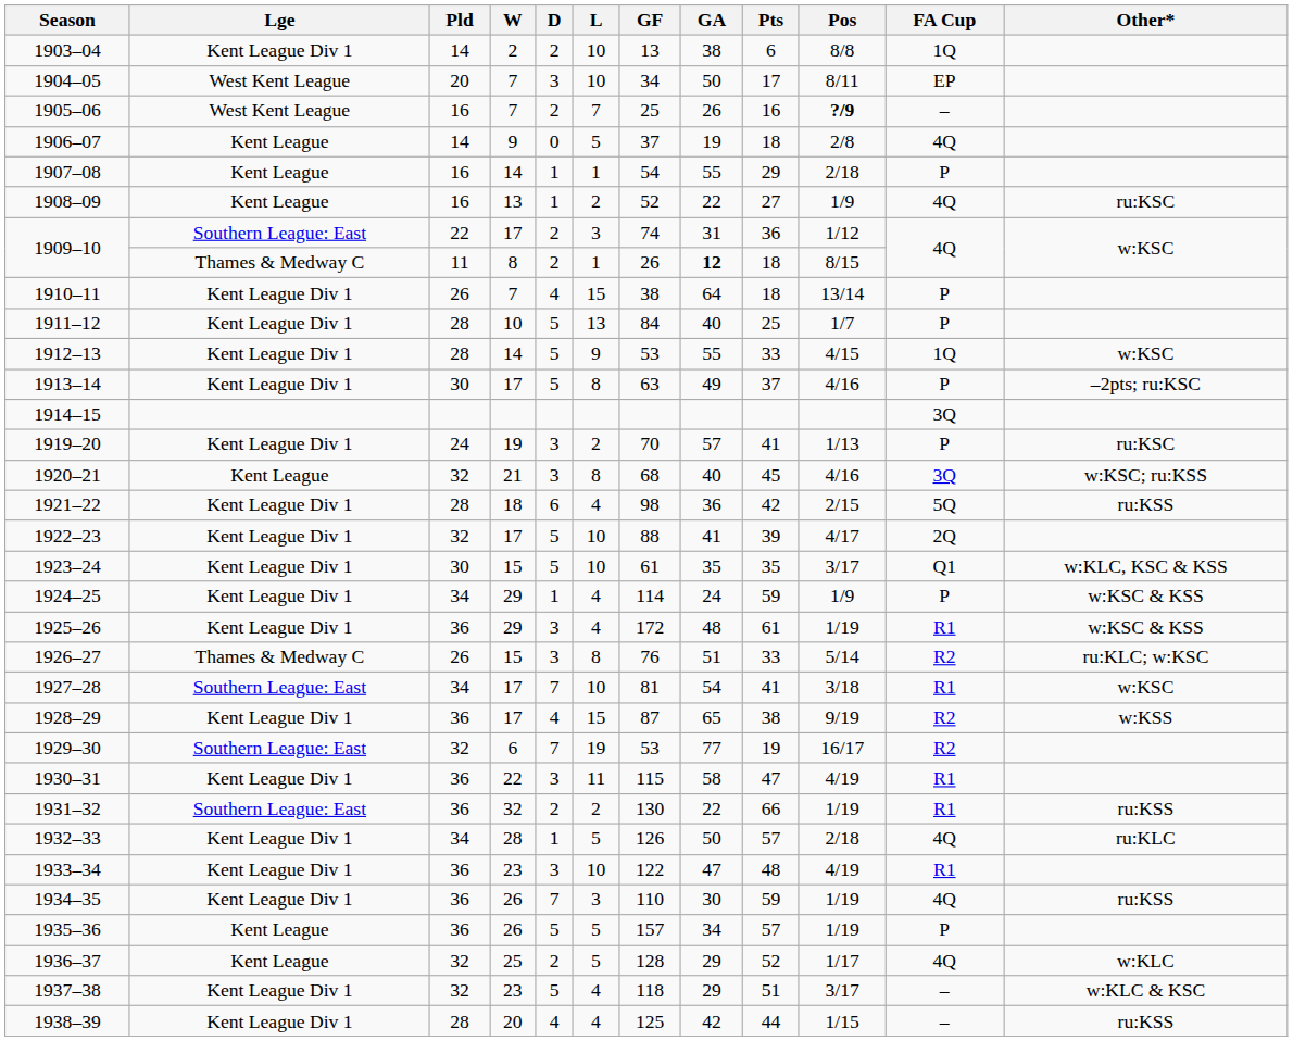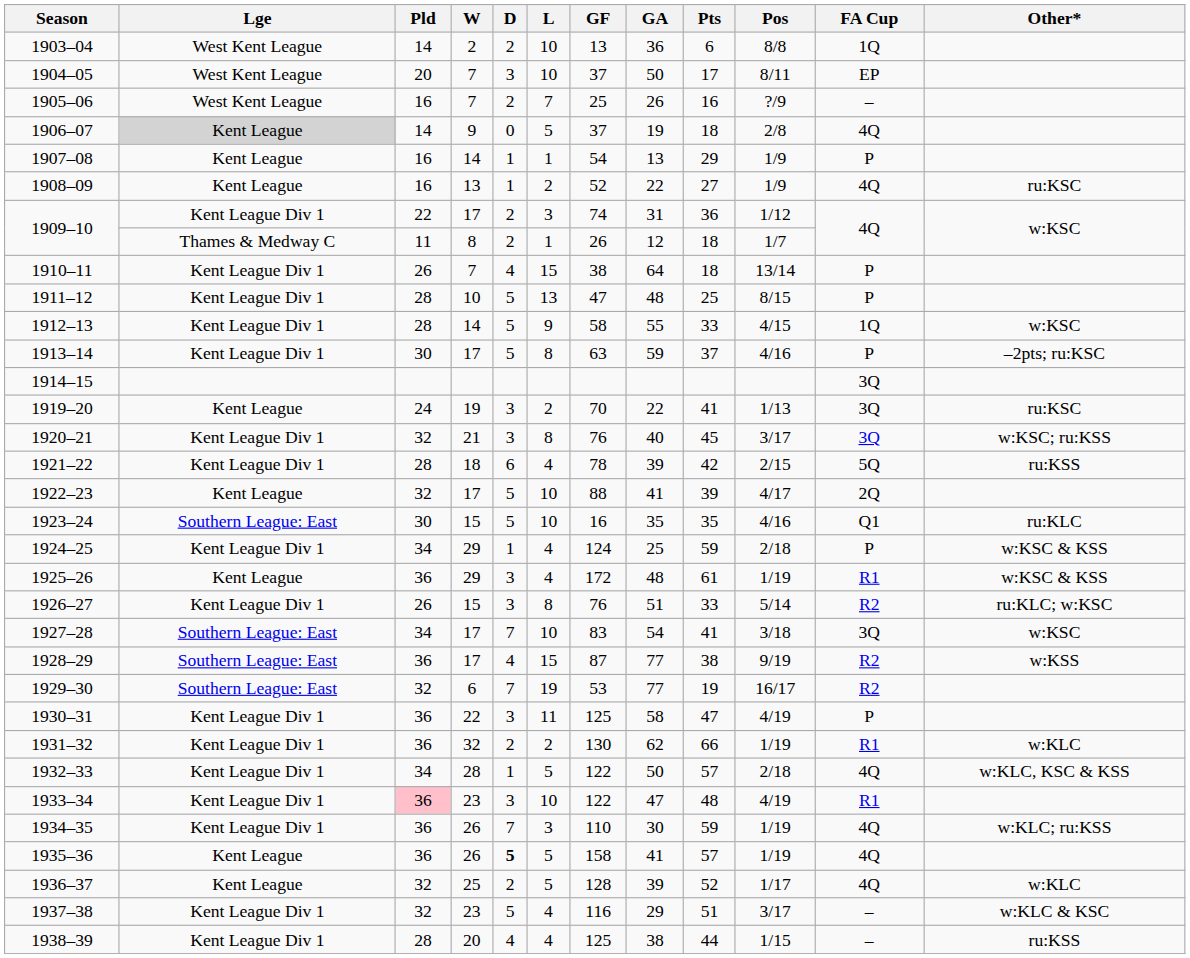 <table class="wikitable" style="width:85%; align:center; text-align:center">
 <tr>
 <th>Season</th>
 <th>Lge</th>
 <th>Pld</th>
 <th>W</th>
 <th>D</th>
 <th>L</th>
 <th>GF</th>
 <th>GA</th>
 <th>Pts</th>
 <th>Pos</th>
 <th>FA Cup</th>
 <th>Other*</th>
 </tr>
 <tr>
 <td>1903–04</td>
-<td>Kent League Div 1</td>
+<td>West Kent League</td>
 <td>14</td>
 <td>2</td>
 <td>2</td>
 <td>10</td>
 <td>13</td>
-<td>38</td>
+<td>36</td>
 <td>6</td>
 <td>8/8</td>
 <td>1Q</td>
 <td></td>
 </tr>
 <tr>
 <td>1904–05</td>
 <td>West Kent League</td>
 <td>20</td>
 <td>7</td>
 <td>3</td>
 <td>10</td>
-<td>34</td>
+<td>37</td>
 <td>50</td>
 <td>17</td>
 <td>8/11</td>
 <td>EP</td>
 <td></td>
 </tr>
 <tr>
 <td>1905–06</td>
 <td>West Kent League</td>
 <td>16</td>
 <td>7</td>
 <td>2</td>
 <td>7</td>
 <td>25</td>
 <td>26</td>
 <td>16</td>
-<td><strong>?/9</strong></td>
+<td>?/9</td>
 <td>–</td>
 <td></td>
 </tr>
 <tr>
 <td>1906–07</td>
-<td>Kent League</td>
+<td style="background: lightgrey;">Kent League</td>
 <td>14</td>
 <td>9</td>
 <td>0</td>
 <td>5</td>
 <td>37</td>
 <td>19</td>
 <td>18</td>
 <td>2/8</td>
 <td>4Q</td>
 <td></td>
 </tr>
 <tr>
 <td>1907–08</td>
 <td>Kent League</td>
 <td>16</td>
 <td>14</td>
 <td>1</td>
 <td>1</td>
 <td>54</td>
-<td>55</td>
+<td>13</td>
 <td>29</td>
-<td>2/18</td>
+<td>1/9</td>
 <td>P</td>
 <td></td>
 </tr>
 <tr>
 <td>1908–09</td>
 <td>Kent League</td>
 <td>16</td>
 <td>13</td>
 <td>1</td>
 <td>2</td>
 <td>52</td>
 <td>22</td>
 <td>27</td>
 <td>1/9</td>
 <td>4Q</td>
 <td>ru:KSC</td>
 </tr>
 <tr>
 <td Rowspan="2">1909–10</td>
-<td><a href='#'>Southern League: East</a></td>
+<td>Kent League Div 1</td>
 <td>22</td>
 <td>17</td>
 <td>2</td>
 <td>3</td>
 <td>74</td>
 <td>31</td>
 <td>36</td>
 <td>1/12</td>
 <td Rowspan="2">4Q</td>
 <td Rowspan="2">w:KSC</td>
 </tr>
 <tr>
 <td>Thames & Medway C</td>
 <td>11</td>
 <td>8</td>
 <td>2</td>
 <td>1</td>
 <td>26</td>
-<td><strong>12</strong></td>
+<td>12</td>
 <td>18</td>
-<td>8/15</td>
+<td>1/7</td>
 </tr>
 <tr>
 <td>1910–11</td>
 <td>Kent League Div 1</td>
 <td>26</td>
 <td>7</td>
 <td>4</td>
 <td>15</td>
 <td>38</td>
 <td>64</td>
 <td>18</td>
 <td>13/14</td>
 <td>P</td>
 <td></td>
 </tr>
 <tr>
 <td>1911–12</td>
 <td>Kent League Div 1</td>
 <td>28</td>
 <td>10</td>
 <td>5</td>
 <td>13</td>
-<td>84</td>
-<td>40</td>
+<td>47</td>
+<td>48</td>
 <td>25</td>
-<td>1/7</td>
+<td>8/15</td>
 <td>P</td>
 <td></td>
 </tr>
 <tr>
 <td>1912–13</td>
 <td>Kent League Div 1</td>
 <td>28</td>
 <td>14</td>
 <td>5</td>
 <td>9</td>
-<td>53</td>
+<td>58</td>
 <td>55</td>
 <td>33</td>
 <td>4/15</td>
 <td>1Q</td>
 <td>w:KSC</td>
 </tr>
 <tr>
 <td>1913–14</td>
 <td>Kent League Div 1</td>
 <td>30</td>
 <td>17</td>
 <td>5</td>
 <td>8</td>
 <td>63</td>
-<td>49</td>
+<td>59</td>
 <td>37</td>
 <td>4/16</td>
 <td>P</td>
 <td colspan="2">–2pts; ru:KSC</td>
 </tr>
 <tr>
 <td>1914–15</td>
 <td></td>
 <td></td>
 <td></td>
 <td></td>
 <td></td>
 <td></td>
 <td></td>
 <td></td>
 <td></td>
 <td>3Q</td>
 <td></td>
 </tr>
 <tr>
 <td>1919–20</td>
-<td>Kent League Div 1</td>
+<td>Kent League</td>
 <td>24</td>
 <td>19</td>
 <td>3</td>
 <td>2</td>
 <td>70</td>
-<td>57</td>
+<td>22</td>
 <td>41</td>
 <td>1/13</td>
-<td>P</td>
+<td>3Q</td>
 <td>ru:KSC</td>
 </tr>
 <tr>
 <td>1920–21</td>
-<td>Kent League</td>
+<td>Kent League Div 1</td>
 <td>32</td>
 <td>21</td>
 <td>3</td>
 <td>8</td>
-<td>68</td>
+<td>76</td>
 <td>40</td>
 <td>45</td>
-<td>4/16</td>
+<td>3/17</td>
 <td><a href='#'>3Q</a></td>
 <td>w:KSC; ru:KSS</td>
 </tr>
 <tr>
 <td>1921–22</td>
 <td>Kent League Div 1</td>
 <td>28</td>
 <td>18</td>
 <td>6</td>
 <td>4</td>
-<td>98</td>
-<td>36</td>
+<td>78</td>
+<td>39</td>
 <td>42</td>
 <td>2/15</td>
 <td>5Q</td>
 <td>ru:KSS</td>
 </tr>
 <tr>
 <td>1922–23</td>
-<td>Kent League Div 1</td>
+<td>Kent League</td>
 <td>32</td>
 <td>17</td>
 <td>5</td>
 <td>10</td>
 <td>88</td>
 <td>41</td>
 <td>39</td>
 <td>4/17</td>
 <td>2Q</td>
 <td></td>
 </tr>
 <tr>
 <td>1923–24</td>
-<td>Kent League Div 1</td>
+<td><a href='#'>Southern League: East</a></td>
 <td>30</td>
 <td>15</td>
 <td>5</td>
 <td>10</td>
-<td>61</td>
+<td>16</td>
 <td>35</td>
 <td>35</td>
-<td>3/17</td>
+<td>4/16</td>
 <td>Q1</td>
-<td>w:KLC, KSC & KSS</td>
+<td>ru:KLC</td>
 </tr>
 <tr>
 <td>1924–25</td>
 <td>Kent League Div 1</td>
 <td>34</td>
 <td>29</td>
 <td>1</td>
 <td>4</td>
-<td>114</td>
-<td>24</td>
+<td>124</td>
+<td>25</td>
 <td>59</td>
-<td>1/9</td>
+<td>2/18</td>
 <td>P</td>
 <td>w:KSC & KSS</td>
 </tr>
 <tr>
 <td>1925–26</td>
-<td>Kent League Div 1</td>
+<td>Kent League</td>
 <td>36</td>
 <td>29</td>
 <td>3</td>
 <td>4</td>
 <td>172</td>
 <td>48</td>
 <td>61</td>
 <td>1/19</td>
 <td><a href='#'>R1</a></td>
 <td>w:KSC & KSS</td>
 </tr>
 <tr>
 <td>1926–27</td>
-<td>Thames & Medway C</td>
+<td>Kent League Div 1</td>
 <td>26</td>
 <td>15</td>
 <td>3</td>
 <td>8</td>
 <td>76</td>
 <td>51</td>
 <td>33</td>
 <td>5/14</td>
 <td><a href='#'>R2</a></td>
 <td>ru:KLC; w:KSC</td>
 </tr>
 <tr>
 <td>1927–28</td>
 <td><a href='#'>Southern League: East</a></td>
 <td>34</td>
 <td>17</td>
 <td>7</td>
 <td>10</td>
-<td>81</td>
+<td>83</td>
 <td>54</td>
 <td>41</td>
 <td>3/18</td>
-<td><a href='#'>R1</a></td>
+<td>3Q</td>
 <td>w:KSC</td>
 </tr>
 <tr>
 <td>1928–29</td>
-<td>Kent League Div 1</td>
+<td><a href='#'>Southern League: East</a></td>
 <td>36</td>
 <td>17</td>
 <td>4</td>
 <td>15</td>
 <td>87</td>
-<td>65</td>
+<td>77</td>
 <td>38</td>
 <td>9/19</td>
 <td><a href='#'>R2</a></td>
 <td>w:KSS</td>
 </tr>
 <tr>
 <td>1929–30</td>
 <td><a href='#'>Southern League: East</a></td>
 <td>32</td>
 <td>6</td>
 <td>7</td>
 <td>19</td>
 <td>53</td>
 <td>77</td>
 <td>19</td>
 <td>16/17</td>
 <td><a href='#'>R2</a></td>
 <td></td>
 </tr>
 <tr>
 <td>1930–31</td>
 <td>Kent League Div 1</td>
 <td>36</td>
 <td>22</td>
 <td>3</td>
 <td>11</td>
-<td>115</td>
+<td>125</td>
 <td>58</td>
 <td>47</td>
 <td>4/19</td>
-<td><a href='#'>R1</a></td>
+<td>P</td>
 <td></td>
 </tr>
 <tr>
 <td>1931–32</td>
-<td><a href='#'>Southern League: East</a></td>
+<td>Kent League Div 1</td>
 <td>36</td>
 <td>32</td>
 <td>2</td>
 <td>2</td>
 <td>130</td>
-<td>22</td>
+<td>62</td>
 <td>66</td>
 <td>1/19</td>
 <td><a href='#'>R1</a></td>
-<td>ru:KSS</td>
+<td>w:KLC</td>
 </tr>
 <tr>
 <td>1932–33</td>
 <td>Kent League Div 1</td>
 <td>34</td>
 <td>28</td>
 <td>1</td>
 <td>5</td>
-<td>126</td>
+<td>122</td>
 <td>50</td>
 <td>57</td>
 <td>2/18</td>
 <td>4Q</td>
-<td>ru:KLC</td>
+<td>w:KLC, KSC & KSS</td>
 </tr>
 <tr>
 <td>1933–34</td>
 <td>Kent League Div 1</td>
-<td>36</td>
+<td style="background: pink;">36</td>
 <td>23</td>
 <td>3</td>
 <td>10</td>
 <td>122</td>
 <td>47</td>
 <td>48</td>
 <td>4/19</td>
 <td><a href='#'>R1</a></td>
 <td></td>
 </tr>
 <tr>
 <td>1934–35</td>
 <td>Kent League Div 1</td>
 <td>36</td>
 <td>26</td>
 <td>7</td>
 <td>3</td>
 <td>110</td>
 <td>30</td>
 <td>59</td>
 <td>1/19</td>
 <td>4Q</td>
-<td>ru:KSS</td>
+<td>w:KLC; ru:KSS</td>
 </tr>
 <tr>
 <td>1935–36</td>
 <td>Kent League</td>
 <td>36</td>
 <td>26</td>
+<td><strong>5</strong></td>
 <td>5</td>
-<td>5</td>
-<td>157</td>
-<td>34</td>
+<td>158</td>
+<td>41</td>
 <td>57</td>
 <td>1/19</td>
-<td>P</td>
+<td>4Q</td>
 <td></td>
 </tr>
 <tr>
 <td>1936–37</td>
 <td>Kent League</td>
 <td>32</td>
 <td>25</td>
 <td>2</td>
 <td>5</td>
 <td>128</td>
-<td>29</td>
+<td>39</td>
 <td>52</td>
 <td>1/17</td>
 <td>4Q</td>
 <td>w:KLC</td>
 </tr>
 <tr>
 <td>1937–38</td>
 <td>Kent League Div 1</td>
 <td>32</td>
 <td>23</td>
 <td>5</td>
 <td>4</td>
-<td>118</td>
+<td>116</td>
 <td>29</td>
 <td>51</td>
 <td>3/17</td>
 <td>–</td>
 <td>w:KLC & KSC</td>
 </tr>
 <tr>
 <td>1938–39</td>
 <td>Kent League Div 1</td>
 <td>28</td>
 <td>20</td>
 <td>4</td>
 <td>4</td>
 <td>125</td>
-<td>42</td>
+<td>38</td>
 <td>44</td>
 <td>1/15</td>
 <td>–</td>
 <td>ru:KSS</td>
 </tr>
 <tr>
 </tr>
 </table>
